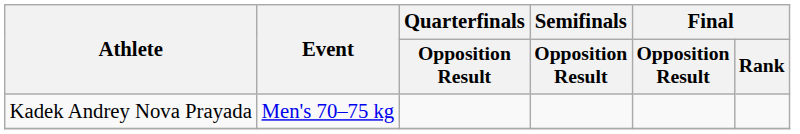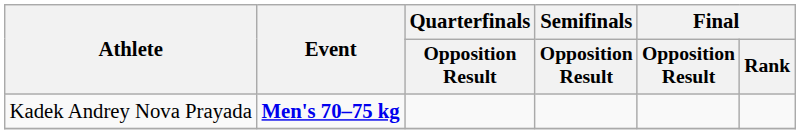 <table class=wikitable style=font-size:90%;text-align:center>
 <tr>
 <th rowspan=2>Athlete</th>
 <th rowspan=2>Event</th>
 <th>Quarterfinals</th>
 <th>Semifinals</th>
 <th colspan=2>Final</th>
 </tr>
 <tr style="font-size:95%">
 <th>Opposition<br>Result</th>
 <th>Opposition<br>Result</th>
 <th>Opposition<br>Result</th>
 <th>Rank</th>
 </tr>
 <tr>
 <td align=left>Kadek Andrey Nova Prayada</td>
-<td align=left><a href='#'>Men's 70–75 kg</a></td>
+<td align=left><strong><a href='#'>Men's 70–75 kg</a></strong></td>
 <td></td>
 <td></td>
 <td></td>
 <td></td>
 </tr>
 <tr>
 </tr>
 </table>
